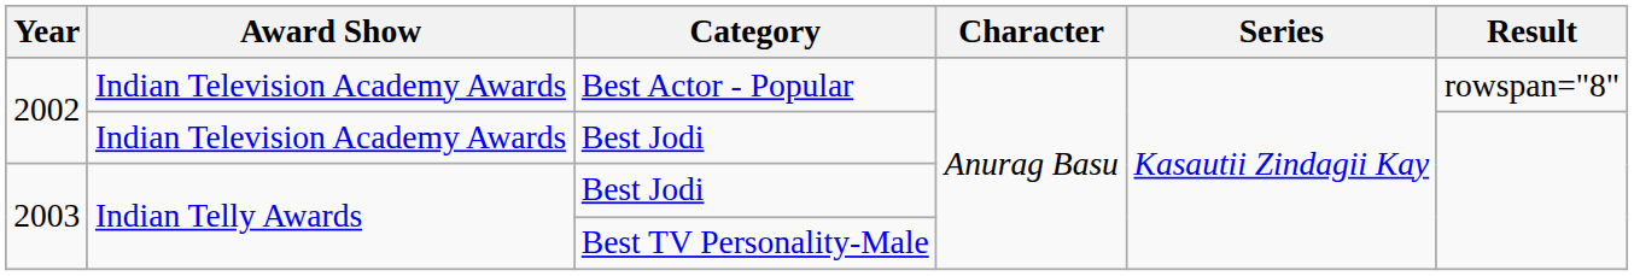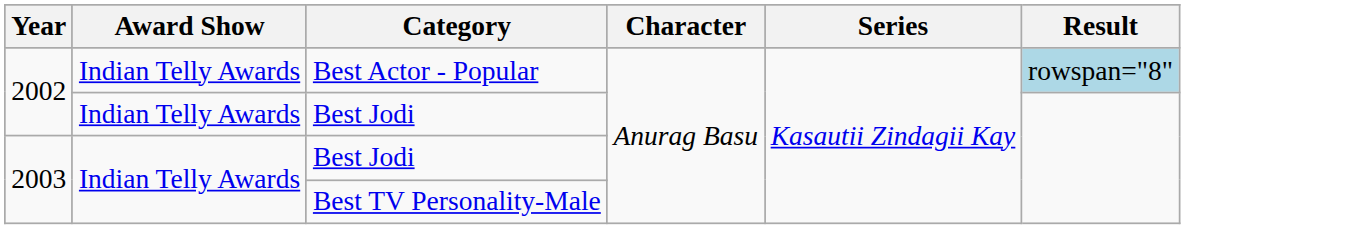 <table class="wikitable sortable">
 <tr style="text-align:center;">
 <th>Year</th>
 <th>Award Show</th>
 <th>Category</th>
 <th>Character</th>
 <th>Series</th>
 <th>Result</th>
 </tr>
 <tr>
 <td rowspan="2">2002</td>
-<td><a href='#'>Indian Television Academy Awards</a></td>
+<td rowspan="1"><a href='#'>Indian Telly Awards</a></td>
 <td><a href='#'>Best Actor - Popular</a></td>
 <td rowspan="4"><em>Anurag Basu</em></td>
 <td rowspan="4"><em><a href='#'>Kasautii Zindagii Kay</a></em></td>
-<td>rowspan="8" </td>
+<td style="background: lightblue;">rowspan="8" </td>
 </tr>
 <tr>
-<td><a href='#'>Indian Television Academy Awards</a></td>
+<td rowspan="1"><a href='#'>Indian Telly Awards</a></td>
 <td rowspan="1"><a href='#'>Best Jodi</a></td>
 </tr>
 <tr>
 <td rowspan="2">2003</td>
 <td rowspan="2"><a href='#'>Indian Telly Awards</a></td>
 <td rowspan="1"><a href='#'>Best Jodi</a></td>
 </tr>
 <tr>
 <td><a href='#'>Best TV Personality-Male</a></td>
 </tr>
 </table>
